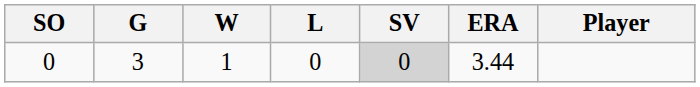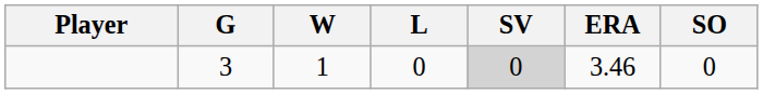 <table class="wikitable sortable">
 <tr>
-<th bgcolor="#DDDDFF" width="9%">SO</th>
+<th bgcolor="#DDDDFF" width="16%">Player</th>
 <th bgcolor="#DDDDFF" width="9%">G</th>
 <th bgcolor="#DDDDFF" width="9%">W</th>
 <th bgcolor="#DDDDFF" width="9%">L</th>
 <th bgcolor="#DDDDFF" width="9%">SV</th>
 <th bgcolor="#DDDDFF" width="9%">ERA</th>
-<th bgcolor="#DDDDFF" width="16%">Player</th>
+<th bgcolor="#DDDDFF" width="9%">SO</th>
 </tr>
 <tr align="center">
-<td>0</td>
+<td></td>
 <td>3</td>
 <td>1</td>
 <td>0</td>
 <td style="background: lightgrey;">0</td>
-<td>3.44</td>
-<td></td>
+<td>3.46</td>
+<td>0</td>
 </tr>
 </table>
